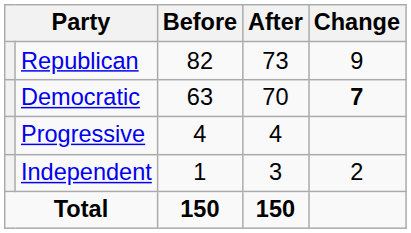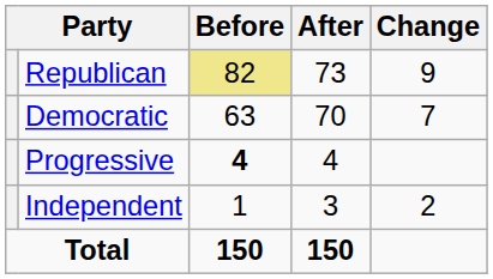 <table class="wikitable" style="text-align:center;">
 <tr>
 <th colspan="2">Party</th>
 <th>Before</th>
 <th>After</th>
 <th>Change</th>
 </tr>
 <tr>
 <th style="background-color:"></th>
 <td style="text-align:left;"><a href='#'>Republican</a></td>
-<td>82</td>
+<td style="background: khaki;">82</td>
 <td>73</td>
 <td> 9</td>
 </tr>
 <tr>
 <th style="background-color:"></th>
 <td style="text-align:left;"><a href='#'>Democratic</a></td>
 <td>63</td>
 <td>70</td>
-<td><strong> 7</strong></td>
+<td> 7</td>
 </tr>
 <tr>
 <th style="background-color:"></th>
 <td style="text-align:left;"><a href='#'>Progressive</a></td>
-<td>4</td>
+<td><strong>4</strong></td>
 <td>4</td>
 <td></td>
 </tr>
 <tr>
 <th style="background-color:"></th>
 <td style="text-align:left;"><a href='#'>Independent</a></td>
 <td>1</td>
 <td>3</td>
 <td> 2</td>
 </tr>
 <tr>
 <td colspan="2"><strong>Total</strong></td>
 <td><strong>150</strong></td>
 <td><strong>150</strong></td>
 <td></td>
 </tr>
 </table>
